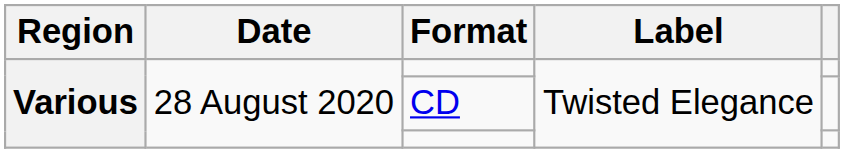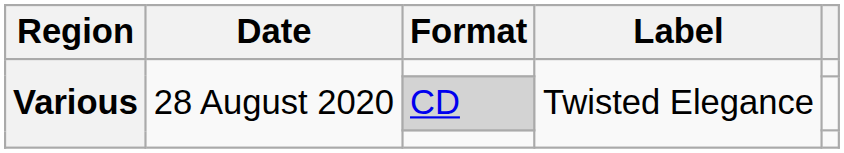 <table class="wikitable plainrowheaders">
 <tr>
 <th scope="col">Region</th>
 <th scope="col">Date</th>
 <th scope="col">Format</th>
 <th scope="col">Label</th>
 <th scope="col"></th>
 </tr>
 <tr>
 <th scope="row" rowspan="3">Various</th>
 <td rowspan="3">28 August 2020</td>
 <td></td>
 <td rowspan="3">Twisted Elegance</td>
 <td></td>
 </tr>
 <tr>
-<td><a href='#'>CD</a></td>
+<td style="background: lightgrey;"><a href='#'>CD</a></td>
 <td></td>
 </tr>
 <tr>
 <td></td>
 <td></td>
 </tr>
 </table>
